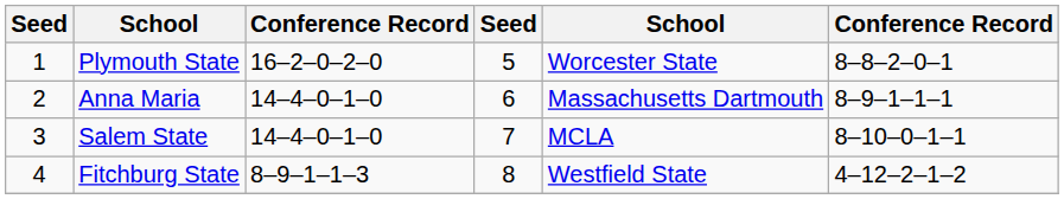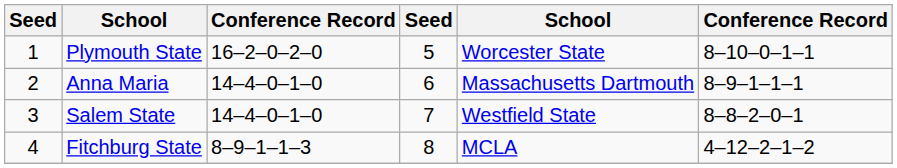 <table class="wikitable">
 <tr>
 <th>Seed</th>
 <th>School</th>
 <th>Conference Record</th>
 <th>Seed</th>
 <th>School</th>
 <th>Conference Record</th>
 </tr>
 <tr>
 <td align=center>1</td>
 <td><a href='#'>Plymouth State</a></td>
 <td>16–2–0–2–0</td>
 <td align=center>5</td>
 <td><a href='#'>Worcester State</a></td>
-<td>8–8–2–0–1</td>
+<td>8–10–0–1–1</td>
 </tr>
 <tr>
 <td align=center>2</td>
 <td><a href='#'>Anna Maria</a></td>
 <td>14–4–0–1–0</td>
 <td align=center>6</td>
 <td><a href='#'>Massachusetts Dartmouth</a></td>
 <td>8–9–1–1–1</td>
 </tr>
 <tr>
 <td align=center>3</td>
 <td><a href='#'>Salem State</a></td>
 <td>14–4–0–1–0</td>
 <td align=center>7</td>
-<td><a href='#'>MCLA</a></td>
-<td>8–10–0–1–1</td>
+<td><a href='#'>Westfield State</a></td>
+<td>8–8–2–0–1</td>
 </tr>
 <tr>
 <td align=center>4</td>
 <td><a href='#'>Fitchburg State</a></td>
 <td>8–9–1–1–3</td>
 <td align=center>8</td>
-<td><a href='#'>Westfield State</a></td>
+<td><a href='#'>MCLA</a></td>
 <td>4–12–2–1–2</td>
 </tr>
 <tr>
 </tr>
 </table>
